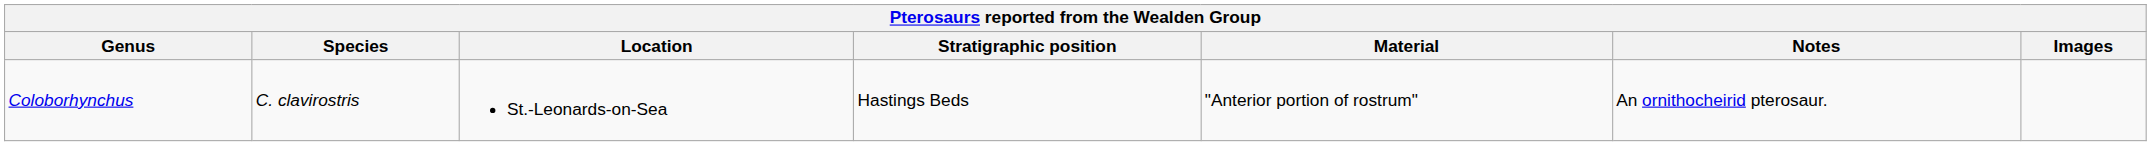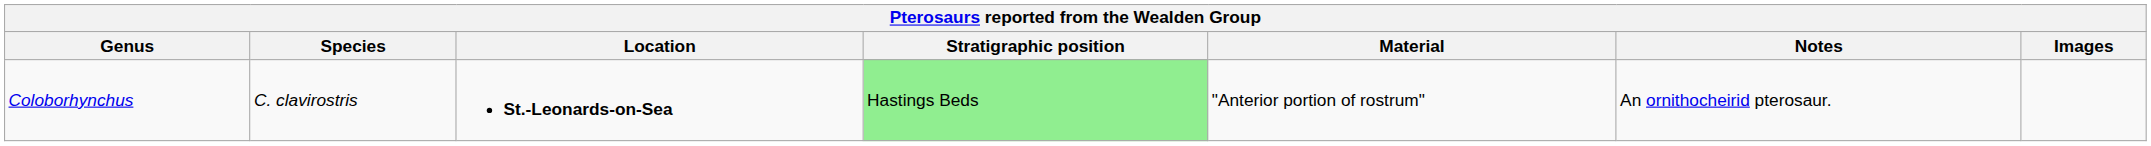 <table class="wikitable" width="100%" align="center">
 <tr>
 <th colspan="7" align="center"><strong><a href='#'>Pterosaurs</a> reported from the Wealden Group</strong></th>
 </tr>
 <tr>
 <th>Genus</th>
 <th>Species</th>
 <th>Location</th>
 <th>Stratigraphic position</th>
 <th>Material</th>
 <th>Notes</th>
 <th>Images</th>
 </tr>
 <tr>
 <td><em><a href='#'>Coloborhynchus</a></em></td>
 <td><em>C. clavirostris</em></td>
-<td><br><ul><li>St.-Leonards-on-Sea</li></ul></td>
-<td>Hastings Beds</td>
+<td><strong><br><ul><li>St.-Leonards-on-Sea</li></ul></strong></td>
+<td style="background: lightgreen;">Hastings Beds</td>
 <td>"Anterior portion of rostrum"</td>
 <td>An <a href='#'>ornithocheirid</a> pterosaur.</td>
 <td></td>
 </tr>
 </table>
